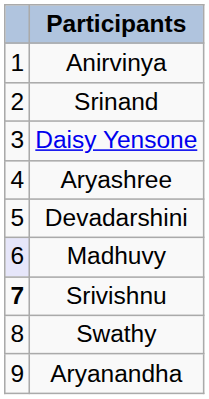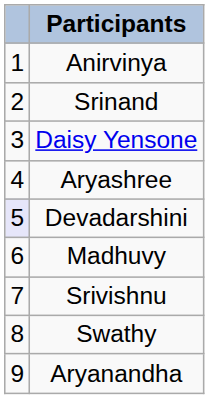 <table class="wikitable plainrowheaders" style="text-align:center;">
 <tr>
 <th scope="col" style="background:LightSteelBlue;"></th>
 <th scope="col" style="background:LightSteelBlue;">Participants</th>
 </tr>
 <tr>
 <td scope="row">1</td>
 <td>Anirvinya</td>
 </tr>
 <tr>
 <td scope="row">2</td>
 <td>Srinand</td>
 </tr>
 <tr>
 <td scope="row">3</td>
 <td><a href='#'>Daisy Yensone</a></td>
 </tr>
 <tr>
 <td scope="row">4</td>
 <td>Aryashree</td>
 </tr>
 <tr>
-<td scope="row">5</td>
+<td scope="row" style="background: lavender;">5</td>
 <td>Devadarshini</td>
 </tr>
 <tr>
-<td scope="row" style="background: lavender;">6</td>
+<td scope="row">6</td>
 <td>Madhuvy</td>
 </tr>
 <tr>
-<td scope="row"><strong>7</strong></td>
+<td scope="row">7</td>
 <td>Srivishnu</td>
 </tr>
 <tr>
 <td scope="row">8</td>
 <td>Swathy</td>
 </tr>
 <tr>
 <td scope="row">9</td>
 <td>Aryanandha</td>
 </tr>
 </table>
